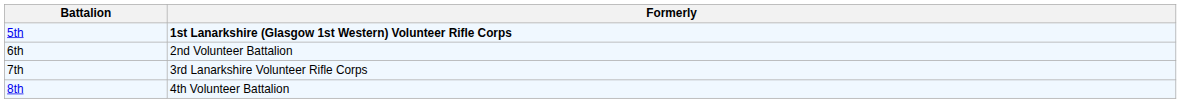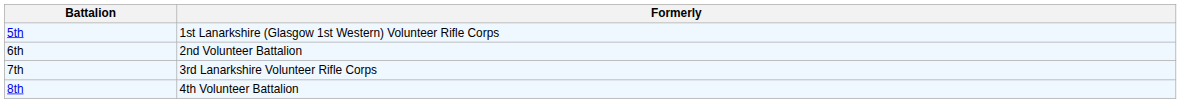 <table class="wikitable" style="width:100%;">
 <tr>
 <th>Battalion</th>
 <th>Formerly</th>
 </tr>
 <tr style="background:#f0f8ff;">
 <td><a href='#'>5th</a></td>
-<td><strong>1st Lanarkshire (Glasgow 1st Western) Volunteer Rifle Corps</strong></td>
+<td>1st Lanarkshire (Glasgow 1st Western) Volunteer Rifle Corps</td>
 </tr>
 <tr style="background:#f0f8ff;">
 <td>6th</td>
 <td>2nd Volunteer Battalion</td>
 </tr>
 <tr style="background:#f0f8ff;">
 <td>7th</td>
 <td>3rd Lanarkshire Volunteer Rifle Corps</td>
 </tr>
 <tr style="background:#f0f8ff;">
 <td><a href='#'>8th</a></td>
 <td>4th Volunteer Battalion</td>
 </tr>
 </table>
